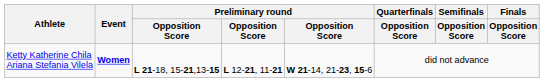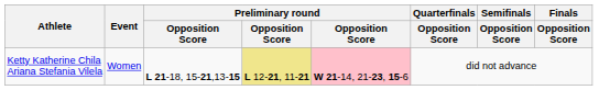 <table class="wikitable" border="1" style="font-size:90%">
 <tr>
 <th rowspan=2>Athlete</th>
 <th rowspan=2>Event</th>
 <th colspan=3>Preliminary round</th>
 <th>Quarterfinals</th>
 <th>Semifinals</th>
 <th>Finals</th>
 </tr>
 <tr>
 <th>Opposition<br>Score</th>
 <th>Opposition<br>Score</th>
 <th>Opposition<br>Score</th>
 <th>Opposition<br>Score</th>
 <th>Opposition<br>Score</th>
 <th>Opposition<br>Score</th>
 </tr>
 <tr>
 <td><a href='#'>Ketty Katherine Chila</a><br><a href='#'>Ariana Stefania Vilela</a></td>
-<td><strong><a href='#'>Women</a></strong></td>
+<td><a href='#'>Women</a></td>
 <td align="center"><br><br><strong>L</strong> <strong>21</strong>-18, 15-<strong>21</strong>,13-<strong>15</strong></td>
-<td align="center"><br><br><strong>L</strong> 12-<strong>21</strong>, 11-<strong>21</strong></td>
-<td align="center"><br><br><strong>W</strong> <strong>21</strong>-14, 21-<strong>23</strong>, <strong>15</strong>-6</td>
+<td align="center" style="background: khaki;"><br><br><strong>L</strong> 12-<strong>21</strong>, 11-<strong>21</strong></td>
+<td align="center" style="background: pink;"><br><br><strong>W</strong> <strong>21</strong>-14, 21-<strong>23</strong>, <strong>15</strong>-6</td>
 <td align="center" colspan="7">did not advance</td>
 </tr>
 </table>
